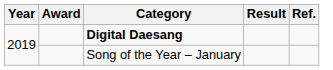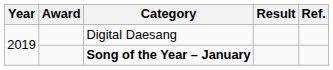 <table class="wikitable">
 <tr>
 <th>Year</th>
 <th>Award</th>
 <th>Category</th>
 <th>Result</th>
 <th>Ref.</th>
 </tr>
 <tr>
 <td rowspan="2">2019</td>
 <td></td>
-<td><strong>Digital Daesang</strong></td>
+<td>Digital Daesang</td>
 <td></td>
 <td></td>
 </tr>
 <tr>
 <td></td>
-<td>Song of the Year – January</td>
+<td><strong>Song of the Year – January</strong></td>
 <td></td>
 <td></td>
 </tr>
 </table>
